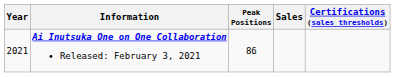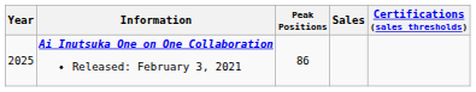 <table class="wikitable">
 <tr>
 <th>Year</th>
 <th>Information</th>
 <th style="width:2.5em;"><small>Peak Positions</small></th>
 <th>Sales</th>
 <th><a href='#'>Certifications</a><br><small>(<a href='#'>sales thresholds</a>)</small></th>
 </tr>
 <tr>
-<td>2021</td>
+<td>2025</td>
 <td><strong><em><a href='#'>Ai Inutsuka One on One Collaboration</a></em></strong><br><ul><li>Released: February 3, 2021</li></ul></td>
 <td align="center">86</td>
 <td></td>
 <td></td>
 </tr>
 </table>
